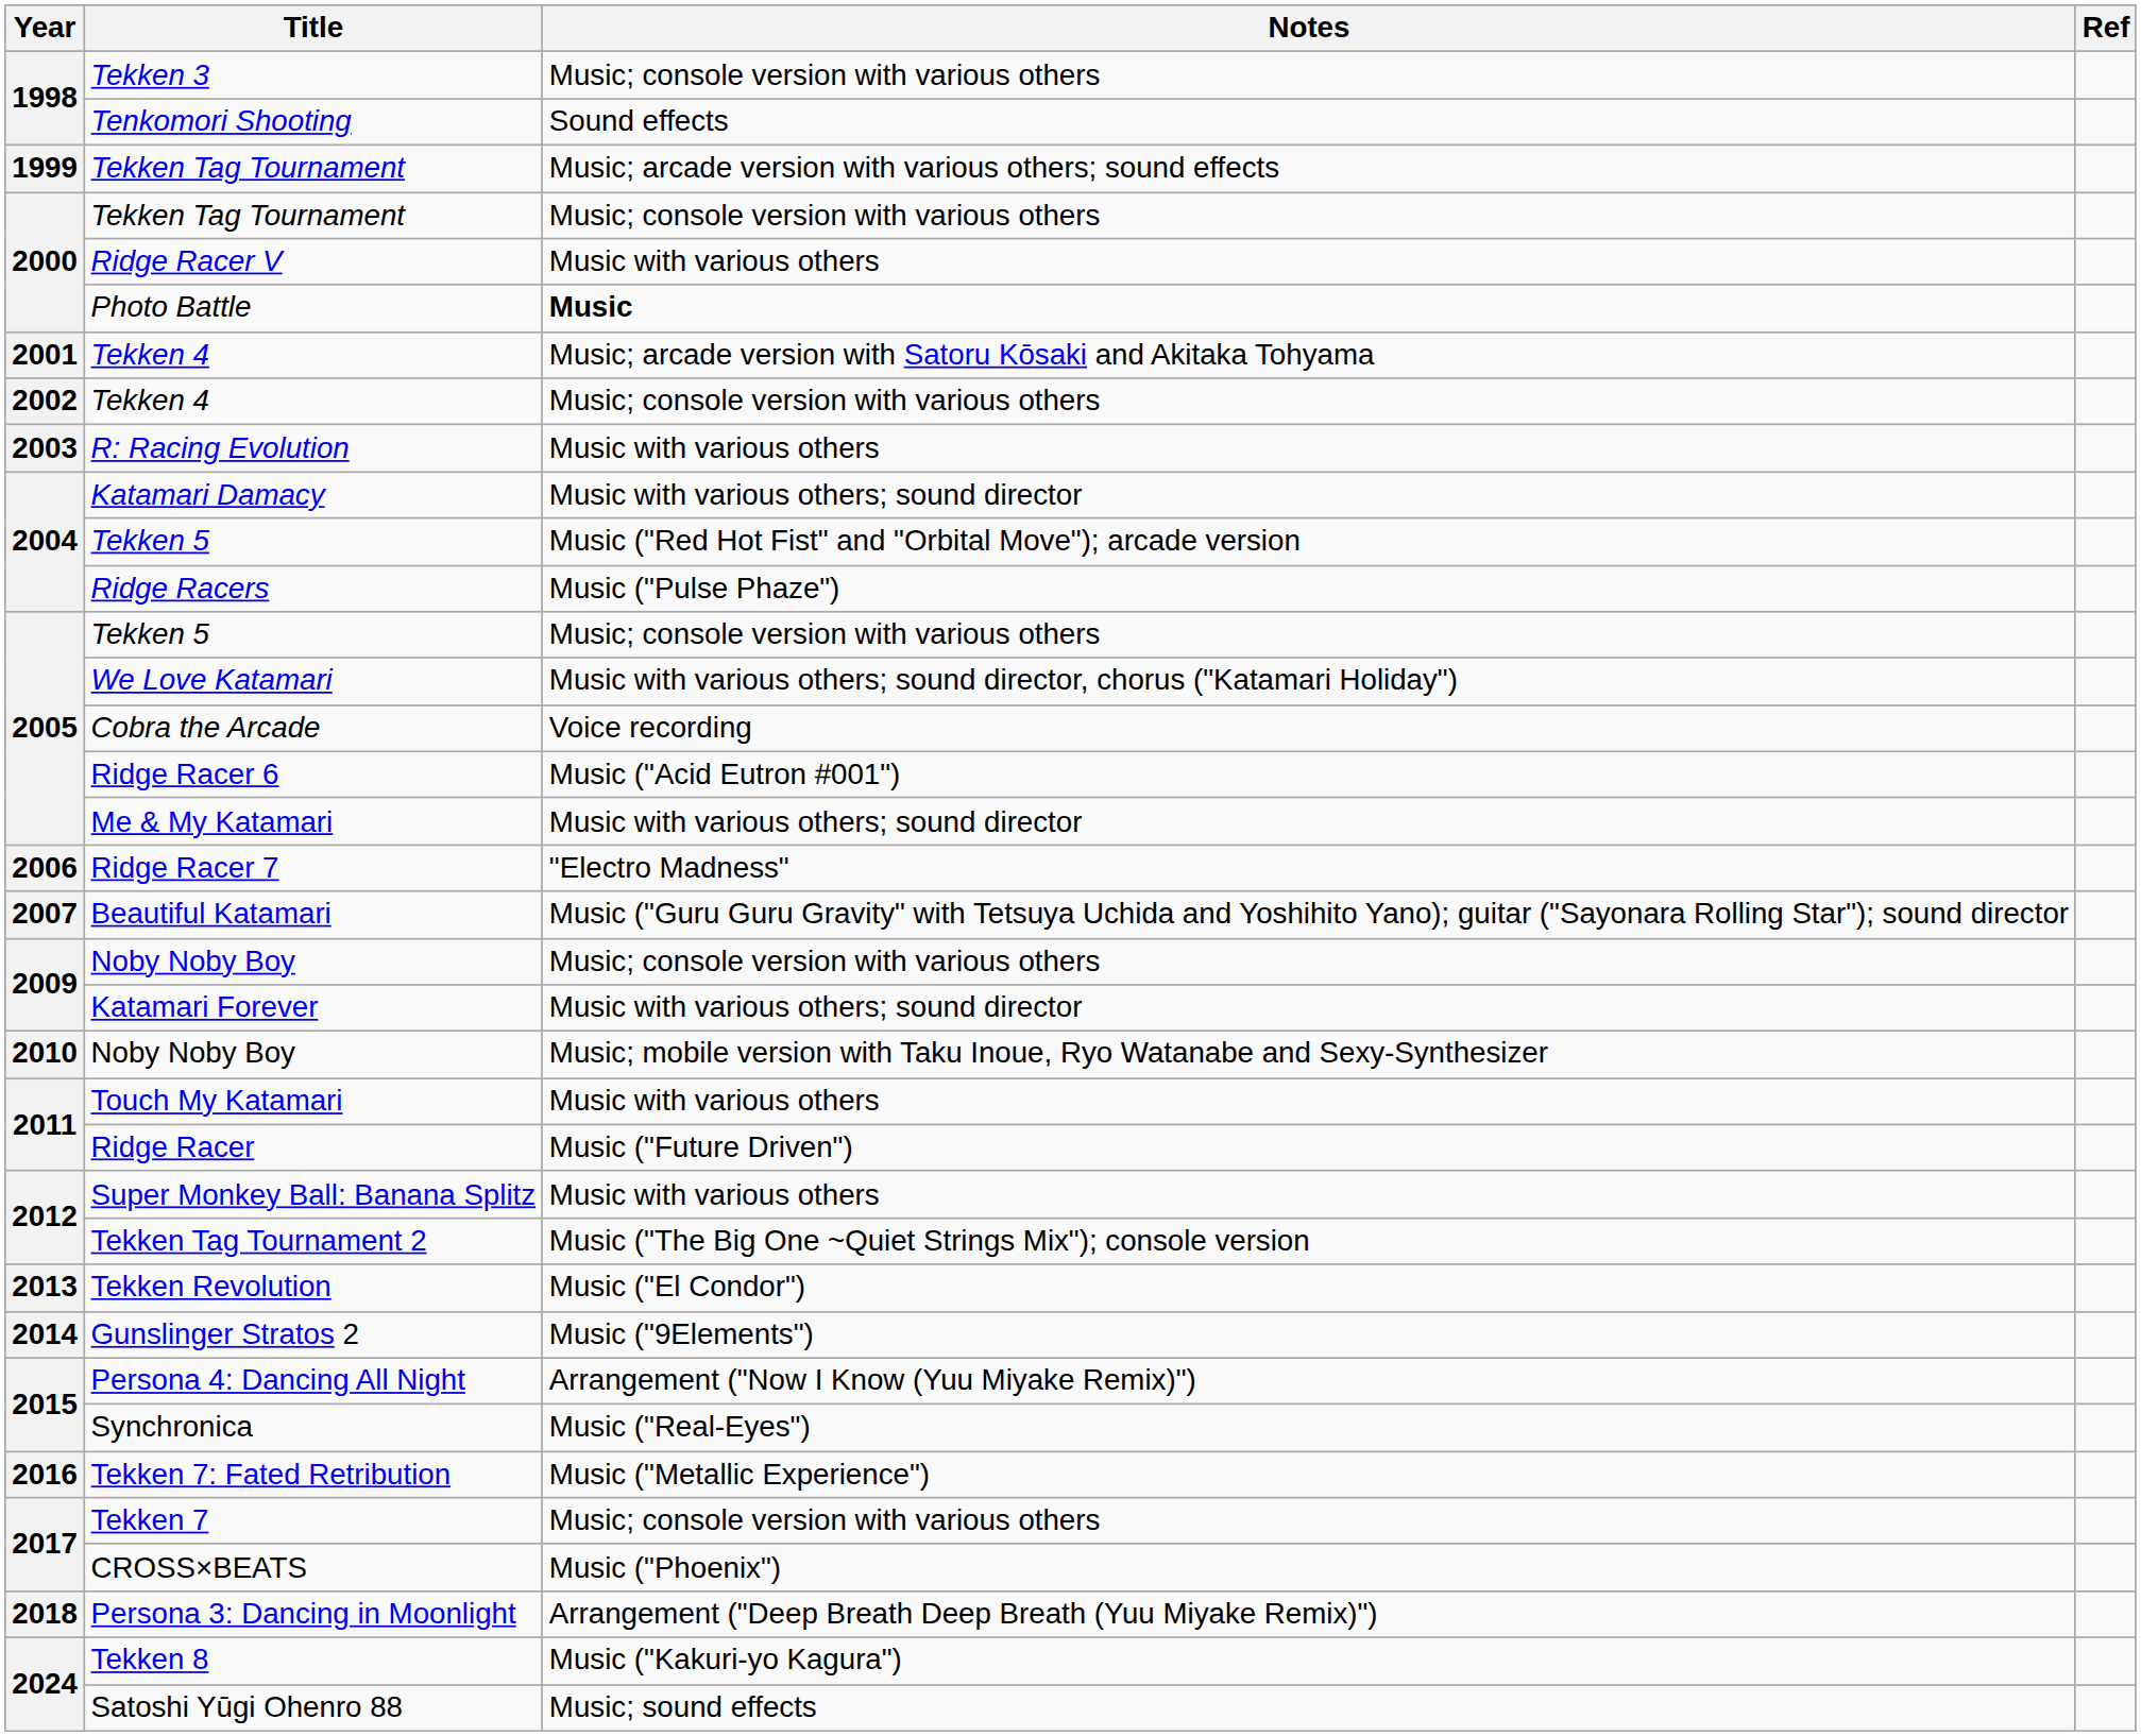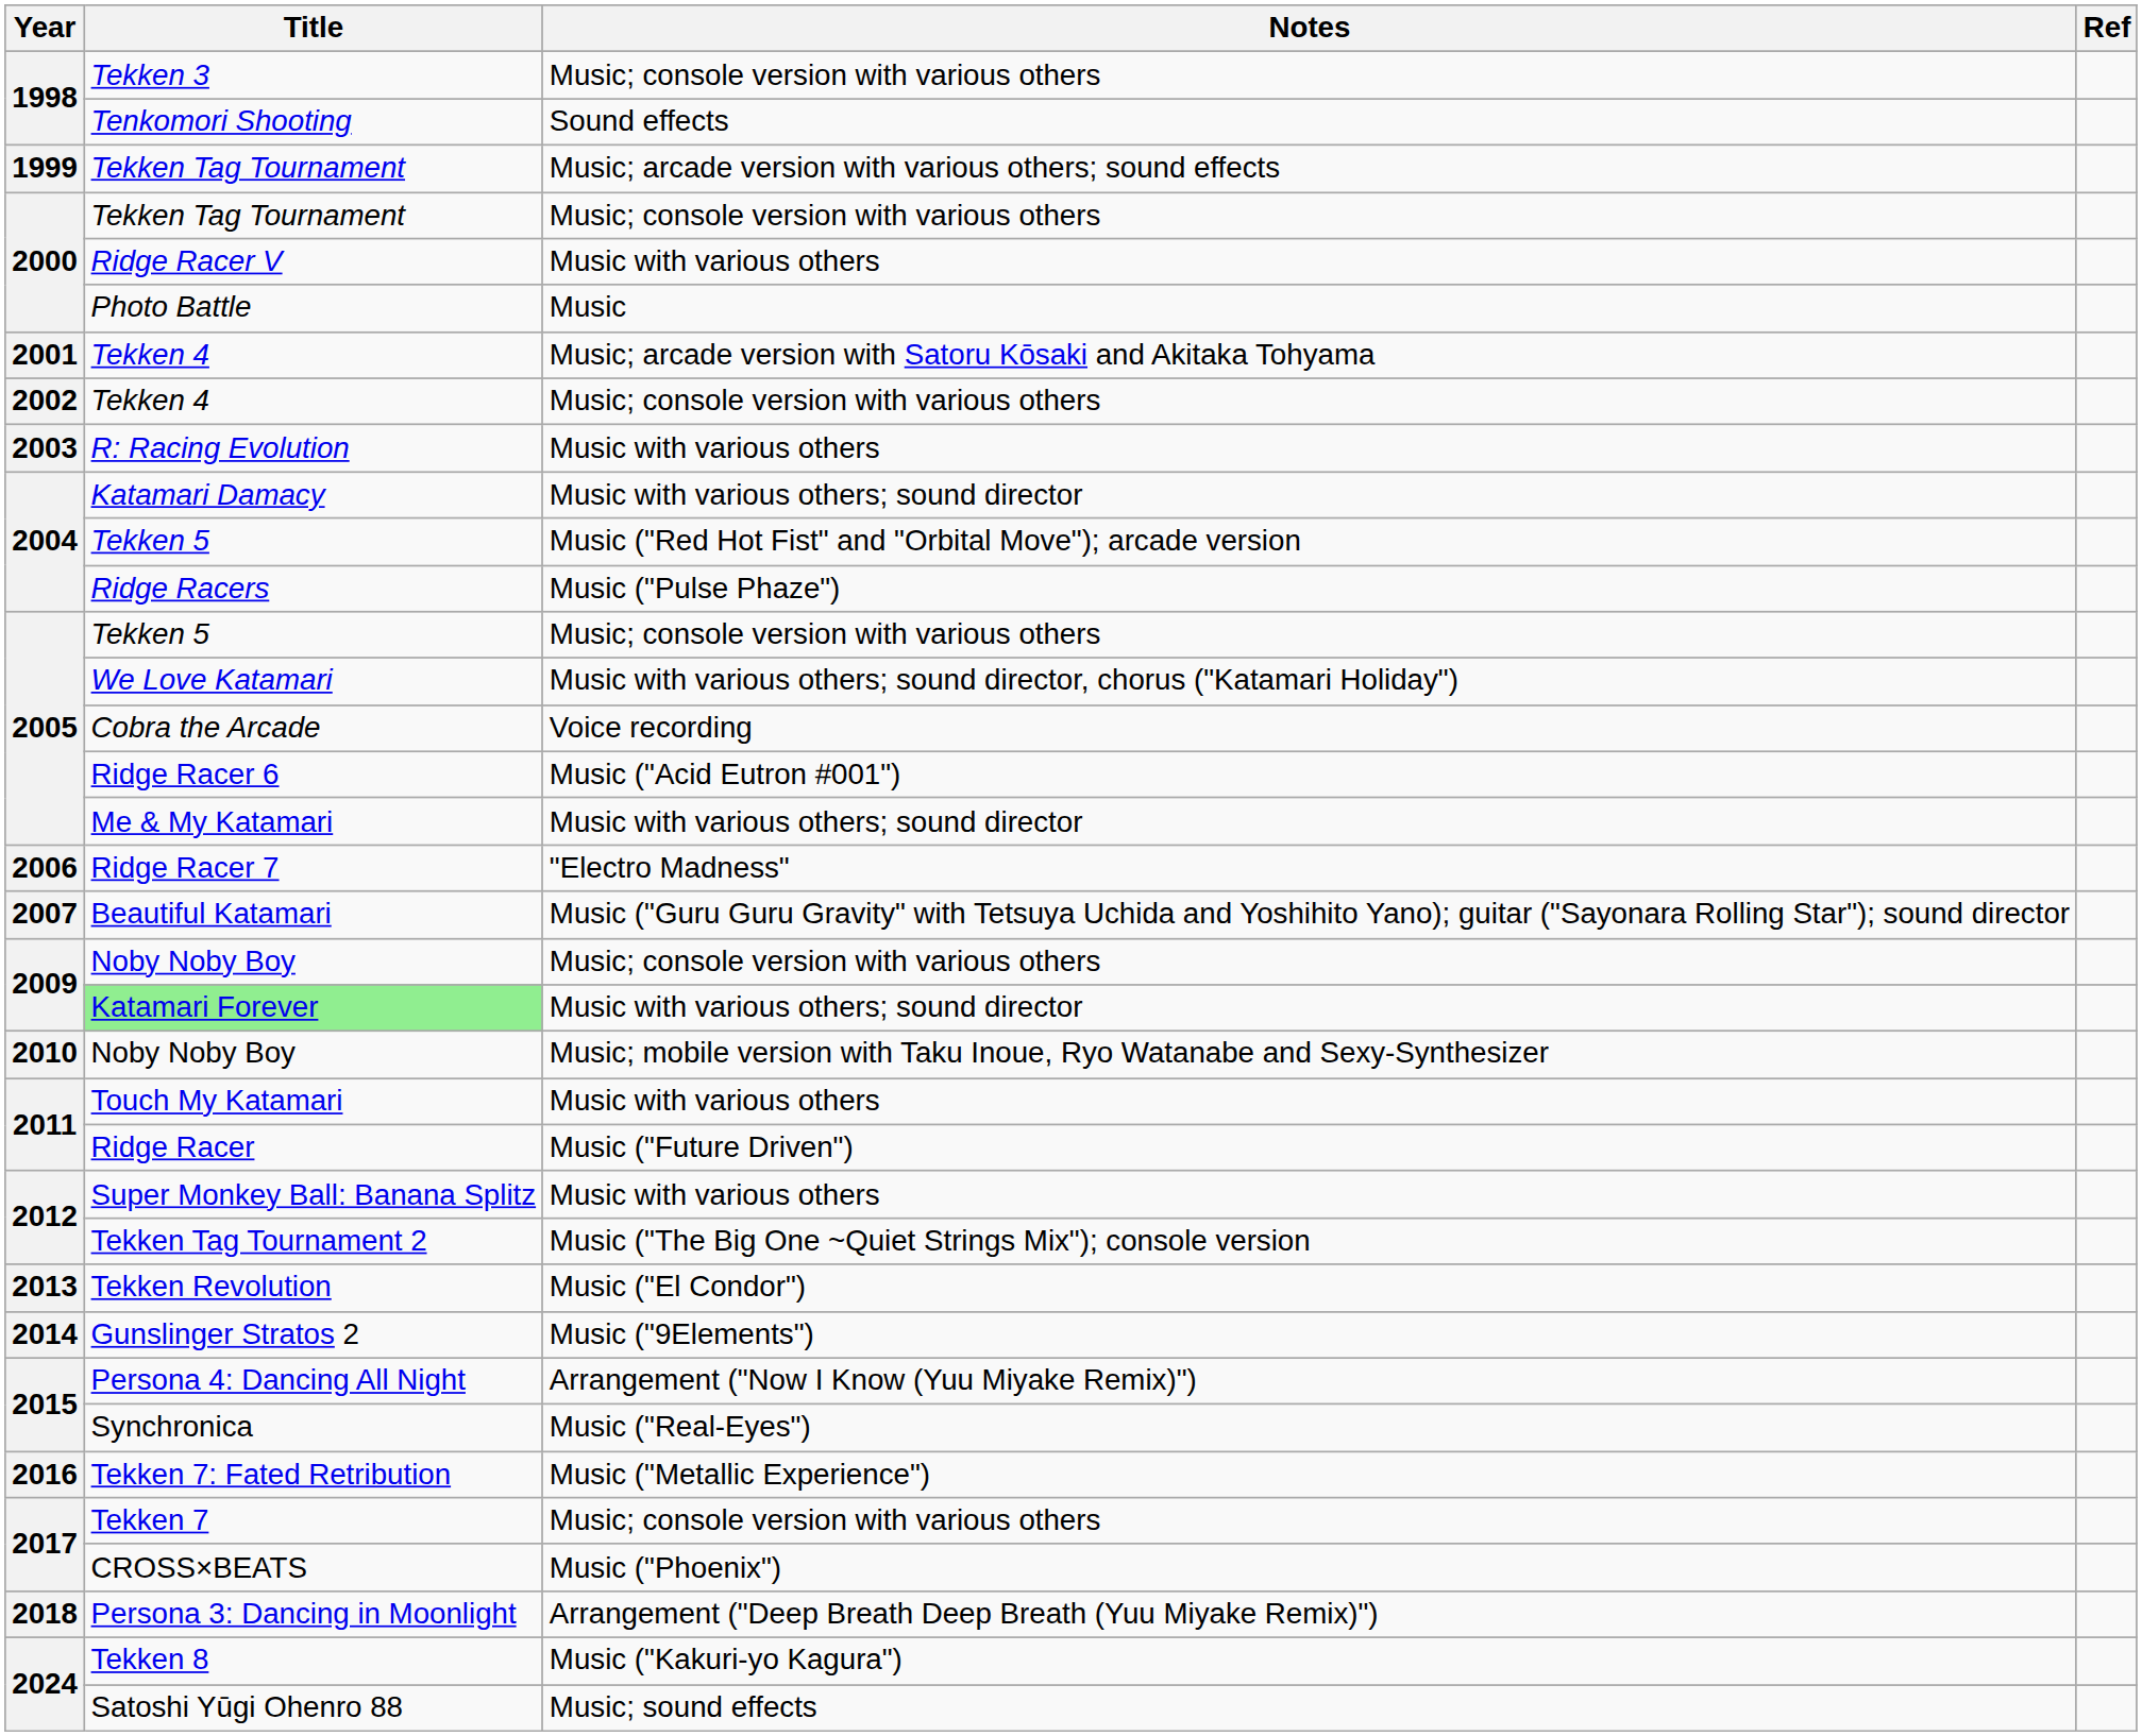 <table class="wikitable sortable">
 <tr>
 <th>Year</th>
 <th>Title</th>
 <th class="unsortable">Notes</th>
 <th class="unsortable">Ref</th>
 </tr>
 <tr>
 <th rowspan="2">1998</th>
 <td><em><a href='#'>Tekken 3</a></em></td>
 <td>Music; console version with various others</td>
 <td></td>
 </tr>
 <tr>
 <td><em><a href='#'>Tenkomori Shooting</a></em></td>
 <td>Sound effects</td>
 <td></td>
 </tr>
 <tr>
 <th rowspan="1">1999</th>
 <td><em><a href='#'>Tekken Tag Tournament</a></em></td>
 <td>Music; arcade version with various others; sound effects</td>
 <td></td>
 </tr>
 <tr>
 <th rowspan="3">2000</th>
 <td><em>Tekken Tag Tournament</em></td>
 <td>Music; console version with various others</td>
 <td></td>
 </tr>
 <tr>
 <td><em><a href='#'>Ridge Racer V</a></em></td>
 <td>Music with various others</td>
 <td></td>
 </tr>
 <tr>
 <td><em>Photo Battle</em></td>
-<td><strong>Music</strong></td>
+<td>Music</td>
 <td></td>
 </tr>
 <tr>
 <th rowspan="1">2001</th>
 <td><em><a href='#'>Tekken 4</a></em></td>
 <td>Music; arcade version with <a href='#'>Satoru Kōsaki</a> and Akitaka Tohyama</td>
 <td></td>
 </tr>
 <tr>
 <th rowspan="1">2002</th>
 <td><em>Tekken 4</em></td>
 <td>Music; console version with various others</td>
 <td></td>
 </tr>
 <tr>
 <th rowspan="1">2003</th>
 <td><em><a href='#'>R: Racing Evolution</a></em></td>
 <td>Music with various others</td>
 <td></td>
 </tr>
 <tr>
 <th rowspan="3">2004</th>
 <td><em><a href='#'>Katamari Damacy</a></em></td>
 <td>Music with various others; sound director</td>
 <td></td>
 </tr>
 <tr>
 <td><em><a href='#'>Tekken 5</a></em></td>
 <td>Music ("Red Hot Fist" and "Orbital Move"); arcade version</td>
 <td></td>
 </tr>
 <tr>
 <td><em><a href='#'>Ridge Racers</a></em></td>
 <td>Music ("Pulse Phaze")</td>
 <td></td>
 </tr>
 <tr>
 <th rowspan="5">2005</th>
 <td><em>Tekken 5</em></td>
 <td>Music; console version with various others</td>
 <td></td>
 </tr>
 <tr>
 <td><em><a href='#'>We Love Katamari</a></em></td>
 <td>Music with various others; sound director, chorus ("Katamari Holiday")</td>
 <td></td>
 </tr>
 <tr>
 <td><em>Cobra the Arcade</td>
 <td>Voice recording</td>
 <td></td>
 </tr>
 <tr>
 <td></em><a href='#'>Ridge Racer 6</a><em></td>
 <td>Music ("Acid Eutron #001")</td>
 <td></td>
 </tr>
 <tr>
 <td></em><a href='#'>Me & My Katamari</a><em></td>
 <td>Music with various others; sound director</td>
 <td></td>
 </tr>
 <tr>
 <th rowspan="1">2006</th>
 <td></em><a href='#'>Ridge Racer 7</a><em></td>
 <td>"Electro Madness"</td>
 <td></td>
 </tr>
 <tr>
 <th rowspan="1">2007</th>
 <td></em><a href='#'>Beautiful Katamari</a><em></td>
 <td>Music ("Guru Guru Gravity" with Tetsuya Uchida and Yoshihito Yano); guitar ("Sayonara Rolling Star"); sound director</td>
 <td></td>
 </tr>
 <tr>
 <th rowspan="2">2009</th>
 <td></em><a href='#'>Noby Noby Boy</a><em></td>
 <td>Music; console version with various others</td>
 <td></td>
 </tr>
 <tr>
-<td></em><a href='#'>Katamari Forever</a><em></td>
+<td style="background: lightgreen;"></em><a href='#'>Katamari Forever</a><em></td>
 <td>Music with various others; sound director</td>
 <td></td>
 </tr>
 <tr>
 <th rowspan="1">2010</th>
 <td></em>Noby Noby Boy<em></td>
 <td>Music; mobile version with Taku Inoue, Ryo Watanabe and Sexy-Synthesizer</td>
 <td></td>
 </tr>
 <tr>
 <th rowspan="2">2011</th>
 <td></em><a href='#'>Touch My Katamari</a><em></td>
 <td>Music with various others</td>
 <td></td>
 </tr>
 <tr>
 <td></em><a href='#'>Ridge Racer</a><em></td>
 <td>Music ("Future Driven")</td>
 <td></td>
 </tr>
 <tr>
 <th rowspan="2">2012</th>
 <td></em><a href='#'>Super Monkey Ball: Banana Splitz</a><em></td>
 <td>Music with various others</td>
 <td></td>
 </tr>
 <tr>
 <td></em><a href='#'>Tekken Tag Tournament 2</a><em></td>
 <td>Music ("The Big One ~Quiet Strings Mix"); console version</td>
 <td></td>
 </tr>
 <tr>
 <th rowspan="1">2013</th>
 <td></em><a href='#'>Tekken Revolution</a><em></td>
 <td>Music ("El Condor")</td>
 <td></td>
 </tr>
 <tr>
 <th rowspan="1">2014</th>
 <td></em><a href='#'>Gunslinger Stratos</a> 2<em></td>
 <td>Music ("9Elements")</td>
 <td></td>
 </tr>
 <tr>
 <th rowspan="2">2015</th>
 <td></em><a href='#'>Persona 4: Dancing All Night</a><em></td>
 <td>Arrangement ("Now I Know (Yuu Miyake Remix)")</td>
 <td></td>
 </tr>
 <tr>
 <td></em>Synchronica<em></td>
 <td>Music ("Real-Eyes")</td>
 <td></td>
 </tr>
 <tr>
 <th rowspan="1">2016</th>
 <td></em><a href='#'>Tekken 7: Fated Retribution</a><em></td>
 <td>Music ("Metallic Experience")</td>
 <td></td>
 </tr>
 <tr>
 <th rowspan="2">2017</th>
 <td></em><a href='#'>Tekken 7</a><em></td>
 <td>Music; console version with various others</td>
 <td></td>
 </tr>
 <tr>
 <td></em>CROSS×BEATS<em></td>
 <td>Music ("Phoenix")</td>
 <td></td>
 </tr>
 <tr>
 <th>2018</th>
 <td></em><a href='#'>Persona 3: Dancing in Moonlight</a><em></td>
 <td>Arrangement ("Deep Breath Deep Breath (Yuu Miyake Remix)")</td>
 <td></td>
 </tr>
 <tr>
 <th rowspan="2">2024</th>
 <td></em><a href='#'>Tekken 8</a><em></td>
 <td>Music ("Kakuri-yo Kagura")</td>
 <td></td>
 </tr>
 <tr>
 <td></em>Satoshi Yūgi Ohenro 88<em></td>
 <td>Music; sound effects</td>
 <td></td>
 </tr>
 </table>
